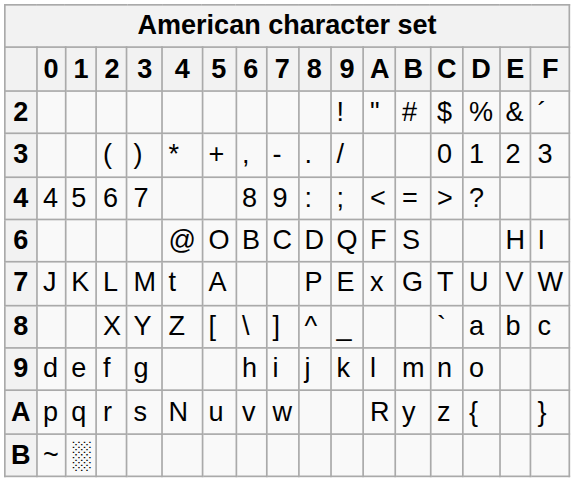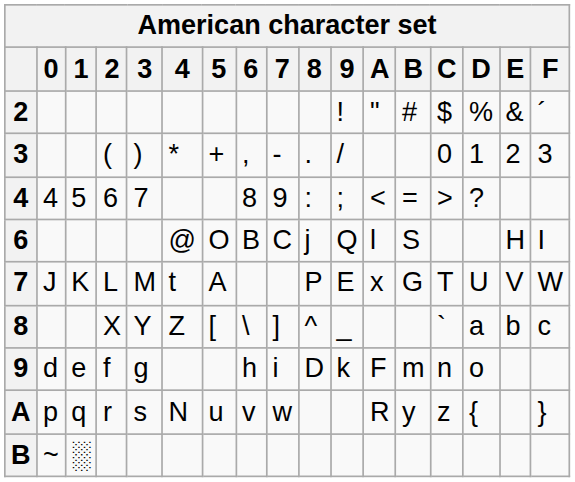 <table class="wikitable">
 <tr>
 <th colspan="17">American character set</th>
 </tr>
 <tr>
 <th></th>
 <th>0</th>
 <th>1</th>
 <th>2</th>
 <th>3</th>
 <th>4</th>
 <th>5</th>
 <th>6</th>
 <th>7</th>
 <th>8</th>
 <th>9</th>
 <th>A</th>
 <th>B</th>
 <th>C</th>
 <th>D</th>
 <th>E</th>
 <th>F</th>
 </tr>
 <tr>
 <th>2</th>
 <td></td>
 <td></td>
 <td></td>
 <td></td>
 <td></td>
 <td></td>
 <td></td>
 <td></td>
 <td></td>
 <td>!</td>
 <td>"</td>
 <td>#</td>
 <td>$</td>
 <td>%</td>
 <td>&</td>
 <td>´</td>
 </tr>
 <tr>
 <th>3</th>
 <td></td>
 <td></td>
 <td>(</td>
 <td>)</td>
 <td>*</td>
 <td>+</td>
 <td>,</td>
 <td>-</td>
 <td>.</td>
 <td>/</td>
 <td></td>
 <td></td>
 <td>0</td>
 <td>1</td>
 <td>2</td>
 <td>3</td>
 </tr>
 <tr>
 <th>4</th>
 <td>4</td>
 <td>5</td>
 <td>6</td>
 <td>7</td>
 <td></td>
 <td></td>
 <td>8</td>
 <td>9</td>
 <td>:</td>
 <td>;</td>
 <td><</td>
 <td>=</td>
 <td>></td>
 <td>?</td>
 <td></td>
 <td></td>
 </tr>
 <tr>
 <th>6</th>
 <td></td>
 <td></td>
 <td></td>
 <td></td>
 <td>@</td>
 <td>O</td>
 <td>B</td>
 <td>C</td>
-<td>D</td>
+<td>j</td>
 <td>Q</td>
-<td>F</td>
+<td>l</td>
 <td>S</td>
 <td></td>
 <td></td>
 <td>H</td>
 <td>I</td>
 </tr>
 <tr>
 <th>7</th>
 <td>J</td>
 <td>K</td>
 <td>L</td>
 <td>M</td>
 <td>t</td>
 <td>A</td>
 <td></td>
 <td></td>
 <td>P</td>
 <td>E</td>
 <td>x</td>
 <td>G</td>
 <td>T</td>
 <td>U</td>
 <td>V</td>
 <td>W</td>
 </tr>
 <tr>
 <th>8</th>
 <td></td>
 <td></td>
 <td>X</td>
 <td>Y</td>
 <td>Z</td>
 <td>[</td>
 <td>\</td>
 <td>]</td>
 <td>^</td>
 <td>_</td>
 <td></td>
 <td></td>
 <td>`</td>
 <td>a</td>
 <td>b</td>
 <td>c</td>
 </tr>
 <tr>
 <th>9</th>
 <td>d</td>
 <td>e</td>
 <td>f</td>
 <td>g</td>
 <td></td>
 <td></td>
 <td>h</td>
 <td>i</td>
-<td>j</td>
+<td>D</td>
 <td>k</td>
-<td>l</td>
+<td>F</td>
 <td>m</td>
 <td>n</td>
 <td>o</td>
 <td></td>
 <td></td>
 </tr>
 <tr>
 <th>A</th>
 <td>p</td>
 <td>q</td>
 <td>r</td>
 <td>s</td>
 <td>N</td>
 <td>u</td>
 <td>v</td>
 <td>w</td>
 <td></td>
 <td></td>
 <td>R</td>
 <td>y</td>
 <td>z</td>
 <td>{</td>
 <td></td>
 <td>}</td>
 </tr>
 <tr>
 <th>B</th>
 <td>~</td>
 <td>░</td>
 <td></td>
 <td></td>
 <td></td>
 <td></td>
 <td></td>
 <td></td>
 <td></td>
 <td></td>
 <td></td>
 <td></td>
 <td></td>
 <td></td>
 <td></td>
 <td></td>
 </tr>
 </table>
